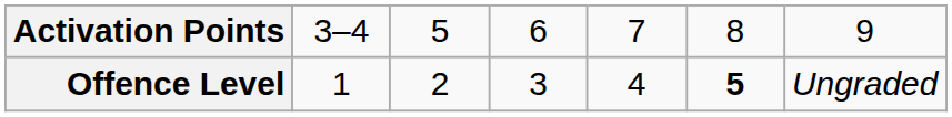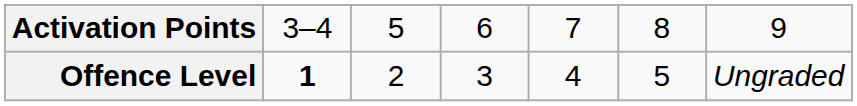 <table class="wikitable" style="text-align:center;">
 <tr>
 <th style="text-align:right;">Activation Points</th>
 <td style="width:40px;">3–4</td>
 <td style="width:40px;">5</td>
 <td style="width:40px;">6</td>
 <td style="width:40px;">7</td>
 <td style="width:40px;">8</td>
 <td style="width:40px;">9</td>
 </tr>
 <tr>
 <th style="text-align:right;">Offence Level</th>
-<td>1</td>
+<td><strong>1</strong></td>
 <td>2</td>
 <td>3</td>
 <td>4</td>
-<td><strong>5</strong></td>
+<td>5</td>
 <td><em>Ungraded</em></td>
 </tr>
 </table>
